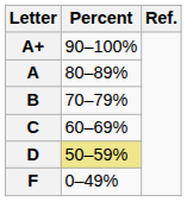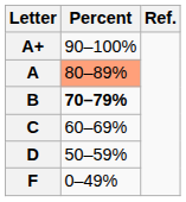 <table class="wikitable">
 <tr>
 <th>Letter</th>
 <th>Percent</th>
 <th>Ref.</th>
 </tr>
 <tr>
 <th>A+</th>
 <td>90–100%</td>
 <td rowspan="6"></td>
 </tr>
 <tr>
 <th>A</th>
-<td>80–89%</td>
+<td style="background: lightsalmon;">80–89%</td>
 </tr>
 <tr>
 <th>B</th>
-<td>70–79%</td>
+<td><strong>70–79%</strong></td>
 </tr>
 <tr>
 <th>C</th>
 <td>60–69%</td>
 </tr>
 <tr>
 <th>D</th>
-<td style="background: khaki;">50–59%</td>
+<td>50–59%</td>
 </tr>
 <tr>
 <th>F</th>
 <td>0–49%</td>
 </tr>
 </table>
